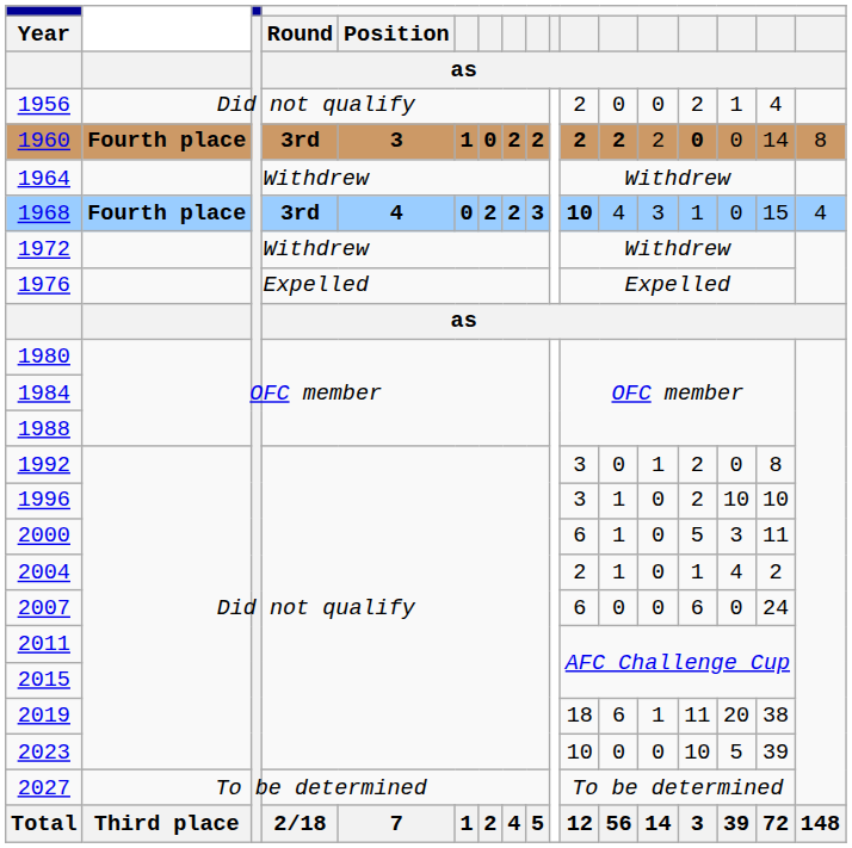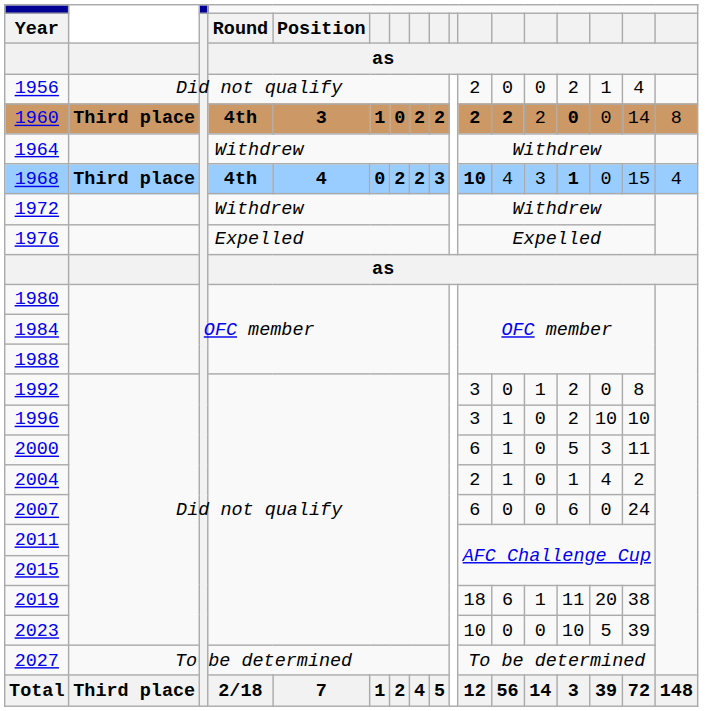 <table class="wikitable" style="text-align:center;">
 <tr style="color:white;">
 <th style="background:#000095; "></th>
 <th style=";background:white" rowspan="2"></th>
 <th style="background:#000095; "></th>
 </tr>
 <tr>
 <th>Year</th>
 <th rowspan=30></th>
 <th>Round</th>
 <th>Position</th>
 <th></th>
 <th></th>
 <th></th>
 <th></th>
 <th></th>
 <th></th>
 <th></th>
 <th></th>
 <th></th>
 <th></th>
 <th></th>
 <th></th>
 </tr>
 <tr>
 <th></th>
 <th colspan=16>as <strong></strong></th>
 </tr>
 <tr>
 <td> <a href='#'>1956</a></td>
 <td colspan=8><em>Did not qualify</em></td>
 <th style="background:white" rowspan="6"></th>
 <td>2</td>
 <td>0</td>
 <td>0</td>
 <td>2</td>
 <td>1</td>
 <td>4</td>
 </tr>
 <tr style="background:#c96;">
 <td> <a href='#'>1960</a></td>
-<td><strong>Fourth place</strong></td>
-<td><strong>3rd</strong></td>
+<td><strong>Third place</strong></td>
+<td><strong>4th</strong></td>
 <td><strong>3</strong></td>
 <td><strong>1</strong></td>
 <td><strong>0</strong></td>
 <td><strong>2</strong></td>
 <td><strong>2</strong></td>
 <td><strong>2</strong></td>
 <td><strong>2</strong></td>
 <td>2</td>
 <td><strong>0</strong></td>
 <td>0</td>
 <td>14</td>
 <td>8</td>
 </tr>
 <tr>
 <td> <a href='#'>1964</a></td>
 <td colspan=8><em>Withdrew</em></td>
 <td colspan=6><em>Withdrew</em></td>
 </tr>
 <tr style="background:#9acdff">
 <td> <a href='#'>1968</a></td>
-<td><strong>Fourth place</strong></td>
-<td><strong>3rd</strong></td>
+<td><strong>Third place</strong></td>
+<td><strong>4th</strong></td>
 <td><strong>4</strong></td>
 <td><strong>0</strong></td>
 <td><strong>2</strong></td>
 <td><strong>2</strong></td>
 <td><strong>3</strong></td>
 <td><strong>10</strong></td>
 <td>4</td>
 <td>3</td>
-<td>1</td>
+<td><strong>1</strong></td>
 <td>0</td>
 <td>15</td>
 <td>4</td>
 </tr>
 <tr>
 <td> <a href='#'>1972</a></td>
 <td colspan=8><em>Withdrew</em></td>
 <td colspan=6><em>Withdrew</em></td>
 </tr>
 <tr>
 <td> <a href='#'>1976</a></td>
 <td colspan=8><em>Expelled</em></td>
 <td colspan=6><em>Expelled</em></td>
 </tr>
 <tr>
 <th></th>
 <th colspan=16>as <strong> </strong></th>
 </tr>
 <tr>
 <td> <a href='#'>1980</a></td>
 <td rowspan=3 colspan=8><em><a href='#'>OFC</a> member</em></td>
 <th style="background:white" rowspan="20"></th>
 <td rowspan=3 colspan=6><em><a href='#'>OFC</a> member</em></td>
 </tr>
 <tr>
 <td> <a href='#'>1984</a></td>
 </tr>
 <tr>
 <td> <a href='#'>1988</a></td>
 </tr>
 <tr>
 <td> <a href='#'>1992</a></td>
 <td rowspan="9" colspan="8"><em>Did not qualify</em></td>
 <td>3</td>
 <td>0</td>
 <td>1</td>
 <td>2</td>
 <td>0</td>
 <td>8</td>
 </tr>
 <tr>
 <td> <a href='#'>1996</a></td>
 <td>3</td>
 <td>1</td>
 <td>0</td>
 <td>2</td>
 <td>10</td>
 <td>10</td>
 </tr>
 <tr>
 <td> <a href='#'>2000</a></td>
 <td>6</td>
 <td>1</td>
 <td>0</td>
 <td>5</td>
 <td>3</td>
 <td>11</td>
 </tr>
 <tr>
 <td> <a href='#'>2004</a></td>
 <td>2</td>
 <td>1</td>
 <td>0</td>
 <td>1</td>
 <td>4</td>
 <td>2</td>
 </tr>
 <tr>
 <td>    <a href='#'>2007</a></td>
 <td>6</td>
 <td>0</td>
 <td>0</td>
 <td>6</td>
 <td>0</td>
 <td>24</td>
 </tr>
 <tr>
 <td> <a href='#'>2011</a></td>
 <td colspan=6 rowspan=2><em><a href='#'>AFC Challenge Cup</a></em></td>
 </tr>
 <tr>
 <td> <a href='#'>2015</a></td>
 </tr>
 <tr>
 <td> <a href='#'>2019</a></td>
 <td>18</td>
 <td>6</td>
 <td>1</td>
 <td>11</td>
 <td>20</td>
 <td>38</td>
 </tr>
 <tr>
 <td> <a href='#'>2023</a></td>
 <td>10</td>
 <td>0</td>
 <td>0</td>
 <td>10</td>
 <td>5</td>
 <td>39</td>
 </tr>
 <tr>
 <td> <a href='#'>2027</a></td>
 <td colspan="9"><em>To be determined</em></td>
 <td colspan=6><em>To be determined</em></td>
 </tr>
 <tr>
 <th><strong>Total</strong></th>
 <th><strong>Third place</strong></th>
 <th><strong>2/18</strong></th>
 <th><strong>7</strong></th>
 <th><strong>1</strong></th>
 <th><strong>2</strong></th>
 <th><strong>4</strong></th>
 <th><strong>5</strong></th>
 <th><strong>12</strong></th>
 <th><strong>56</strong></th>
 <th><strong>14</strong></th>
 <th><strong>3</strong></th>
 <th><strong>39</strong></th>
 <th><strong>72</strong></th>
 <th><strong>148</strong></th>
 </tr>
 </table>
